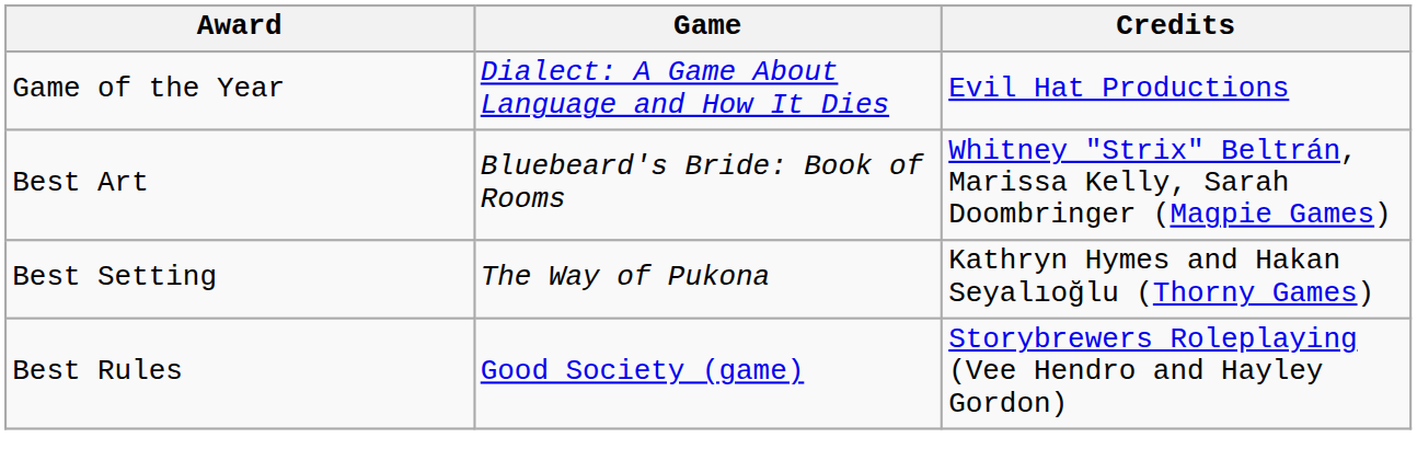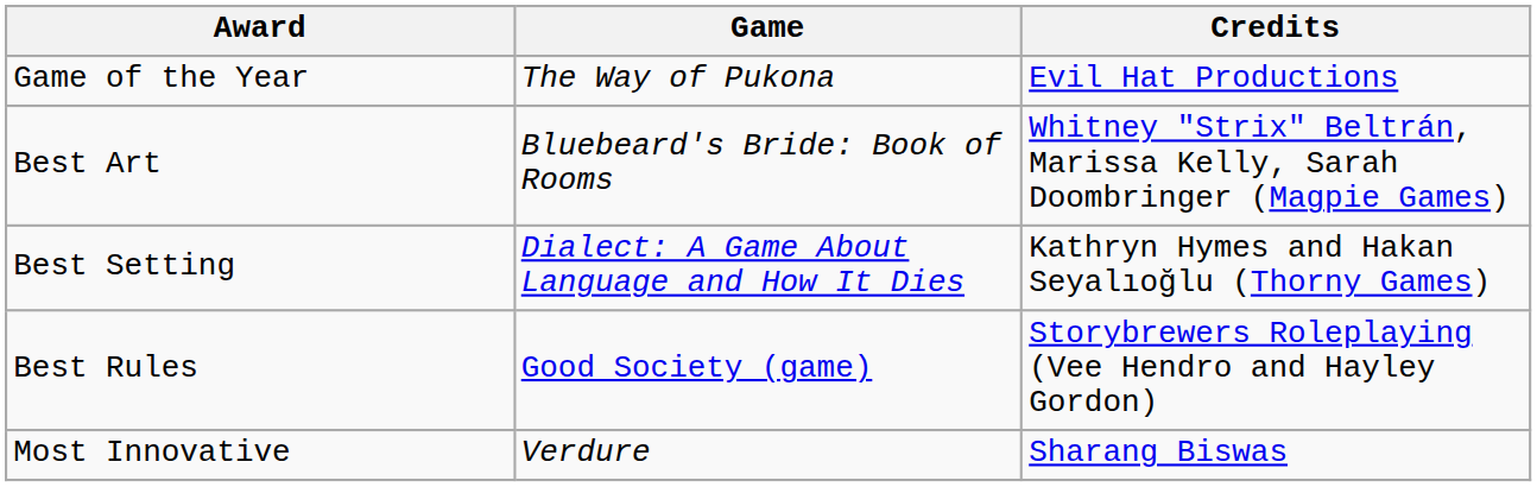 <table class="wikitable sortable" style="margins:auto; width=95%; font-size: 95%;">
 <tr>
 <th width="33%">Award</th>
 <th width="33%">Game</th>
 <th width="33%">Credits</th>
 </tr>
 <tr>
 <td>Game of the Year</td>
-<td><em><a href='#'>Dialect: A Game About Language and How It Dies</a></em></td>
+<td><em>The Way of Pukona</em></td>
 <td><a href='#'>Evil Hat Productions</a></td>
 </tr>
 <tr>
 <td>Best Art</td>
 <td><em>Bluebeard's Bride: Book of Rooms</em></td>
 <td><a href='#'>Whitney "Strix" Beltrán</a>, Marissa Kelly, Sarah Doombringer (<a href='#'>Magpie Games</a>)</td>
 </tr>
 <tr>
 <td>Best Setting</td>
-<td><em>The Way of Pukona</em></td>
+<td><em><a href='#'>Dialect: A Game About Language and How It Dies</a></em></td>
 <td>Kathryn Hymes and Hakan Seyalıoğlu (<a href='#'>Thorny Games</a>)</td>
 </tr>
 <tr>
 <td>Best Rules</td>
 <td><a href='#'>Good Society (game)</a></td>
 <td><a href='#'>Storybrewers Roleplaying</a> (Vee Hendro and Hayley Gordon)</td>
 </tr>
+<tr>
+<td>Most Innovative</td>
+<td><em>Verdure</em></td>
+<td><a href='#'>Sharang Biswas</a></td>
+</tr>
 </table>
